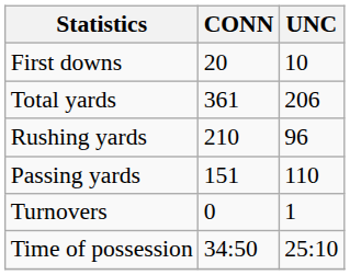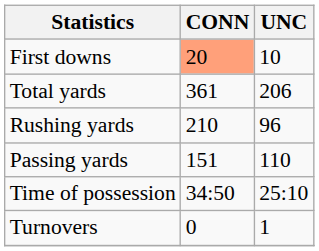 <table class="wikitable" style="float: left;">
 <tr>
 <th>Statistics</th>
 <th>CONN</th>
 <th>UNC</th>
 </tr>
 <tr>
 <td>First downs</td>
-<td>20</td>
+<td style="background: lightsalmon;">20</td>
 <td>10</td>
 </tr>
 <tr>
 <td>Total yards</td>
 <td>361</td>
 <td>206</td>
 </tr>
 <tr>
 <td>Rushing yards</td>
 <td>210</td>
 <td>96</td>
 </tr>
 <tr>
 <td>Passing yards</td>
 <td>151</td>
 <td>110</td>
 </tr>
 <tr>
+<td>Time of possession</td>
+<td>34:50</td>
+<td>25:10</td>
+</tr>
+<tr>
 <td>Turnovers</td>
 <td>0</td>
 <td>1</td>
 </tr>
 <tr>
-<td>Time of possession</td>
-<td>34:50</td>
-<td>25:10</td>
-</tr>
-<tr>
 </tr>
 </table>
